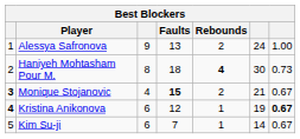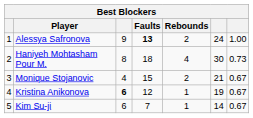 <table class="wikitable sortable" style=font-size:90%>
 <tr>
 <th colspan=7>Best Blockers</th>
 </tr>
 <tr>
 <th></th>
 <th width=158>Player</th>
 <th width=20></th>
 <th width=20>Faults</th>
 <th width=20>Rebounds</th>
 <th width=20></th>
 <th width=20></th>
 </tr>
 <tr>
 <td>1</td>
 <td> <a href='#'>Alessya Safronova</a></td>
 <td align=center>9</td>
-<td align=center>13</td>
+<td align=center><strong>13</strong></td>
 <td align=center>2</td>
 <td align=center>24</td>
 <td align=center>1.00</td>
 </tr>
 <tr>
 <td>2</td>
 <td> <a href='#'>Haniyeh Mohtasham Pour M.</a></td>
 <td align=center>8</td>
 <td align=center>18</td>
-<td align=center><strong>4</strong></td>
+<td align=center>4</td>
 <td align=center>30</td>
 <td align=center>0.73</td>
 </tr>
 <tr>
-<td><strong>3</strong></td>
+<td>3</td>
 <td> <a href='#'>Monique Stojanovic</a></td>
 <td align=center>4</td>
-<td align=center><strong>15</strong></td>
+<td align=center>15</td>
 <td align=center>2</td>
 <td align=center>21</td>
 <td align=center>0.67</td>
 </tr>
 <tr>
-<td><strong>4</strong></td>
+<td>4</td>
 <td> <a href='#'>Kristina Anikonova</a></td>
-<td align=center>6</td>
+<td align=center><strong>6</strong></td>
 <td align=center>12</td>
 <td align=center>1</td>
 <td align=center>19</td>
-<td align=center><strong>0.67</strong></td>
+<td align=center>0.67</td>
 </tr>
 <tr>
 <td>5</td>
 <td> <a href='#'>Kim Su-ji</a></td>
 <td align=center>6</td>
 <td align=center>7</td>
 <td align=center>1</td>
 <td align=center>14</td>
 <td align=center>0.67</td>
 </tr>
 </table>
